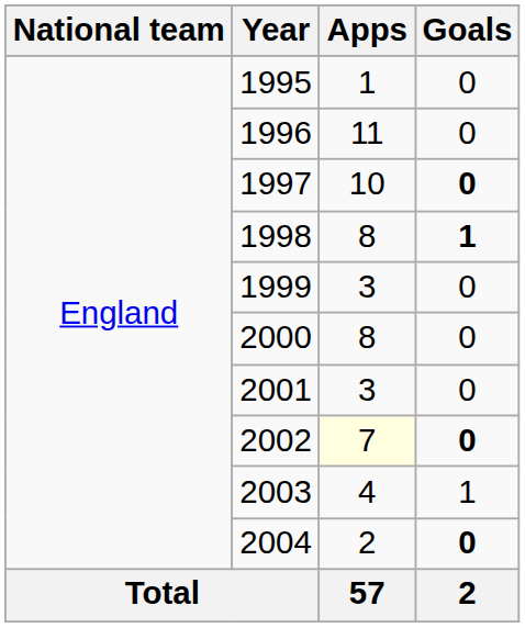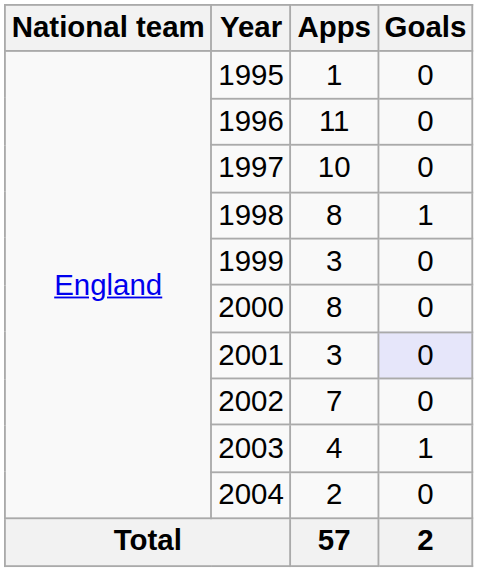 <table class="wikitable" style="text-align: center;">
 <tr>
 <th>National team</th>
 <th>Year</th>
 <th>Apps</th>
 <th>Goals</th>
 </tr>
 <tr>
 <td rowspan="10"><a href='#'>England</a></td>
 <td>1995</td>
 <td>1</td>
 <td>0</td>
 </tr>
 <tr>
 <td>1996</td>
 <td>11</td>
 <td>0</td>
 </tr>
 <tr>
 <td>1997</td>
 <td>10</td>
-<td><strong>0</strong></td>
+<td>0</td>
 </tr>
 <tr>
 <td>1998</td>
 <td>8</td>
-<td><strong>1</strong></td>
+<td>1</td>
 </tr>
 <tr>
 <td>1999</td>
 <td>3</td>
 <td>0</td>
 </tr>
 <tr>
 <td>2000</td>
 <td>8</td>
 <td>0</td>
 </tr>
 <tr>
 <td>2001</td>
 <td>3</td>
-<td>0</td>
+<td style="background: lavender;">0</td>
 </tr>
 <tr>
 <td>2002</td>
-<td style="background: lightyellow;">7</td>
-<td><strong>0</strong></td>
+<td>7</td>
+<td>0</td>
 </tr>
 <tr>
 <td>2003</td>
 <td>4</td>
 <td>1</td>
 </tr>
 <tr>
 <td>2004</td>
 <td>2</td>
-<td><strong>0</strong></td>
+<td>0</td>
 </tr>
 <tr>
 <th colspan="2">Total</th>
 <th>57</th>
 <th>2</th>
 </tr>
 </table>
